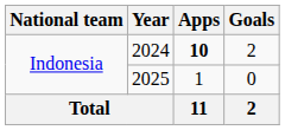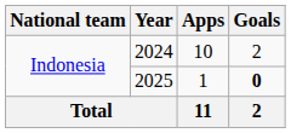 <table class="wikitable" style="text-align:center">
 <tr>
 <th>National team</th>
 <th>Year</th>
 <th>Apps</th>
 <th>Goals</th>
 </tr>
 <tr>
 <td rowspan="2"><a href='#'>Indonesia</a></td>
 <td>2024</td>
-<td><strong>10</strong></td>
+<td>10</td>
 <td>2</td>
 </tr>
 <tr>
 <td>2025</td>
 <td>1</td>
-<td>0</td>
+<td><strong>0</strong></td>
 </tr>
 <tr>
 <th colspan="2">Total</th>
 <th>11</th>
 <th>2</th>
 </tr>
 </table>
